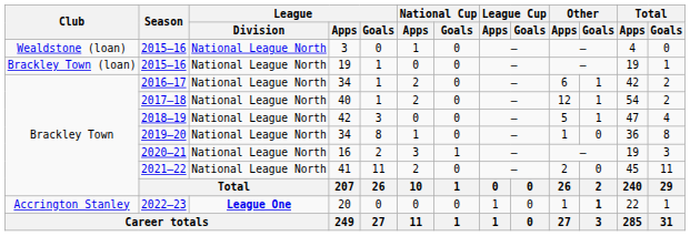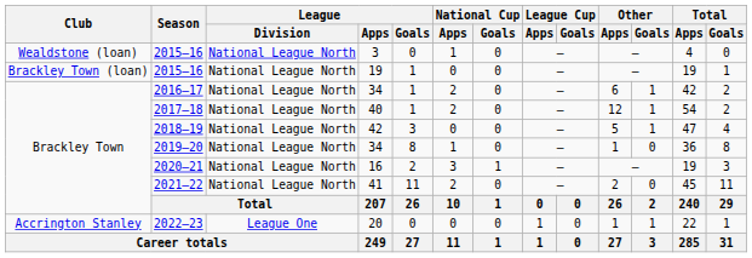 <table class="wikitable" style="text-align:center">
 <tr>
 <th rowspan="2">Club</th>
 <th rowspan="2">Season</th>
 <th colspan="3">League</th>
 <th colspan="2">National Cup</th>
 <th colspan="2">League Cup</th>
 <th colspan="2">Other</th>
 <th colspan="2">Total</th>
 </tr>
 <tr>
 <th>Division</th>
 <th>Apps</th>
 <th>Goals</th>
 <th>Apps</th>
 <th>Goals</th>
 <th>Apps</th>
 <th>Goals</th>
 <th>Apps</th>
 <th>Goals</th>
 <th>Apps</th>
 <th>Goals</th>
 </tr>
 <tr>
 <td><a href='#'>Wealdstone</a> (loan)</td>
 <td><a href='#'>2015–16</a></td>
 <td><a href='#'>National League North</a></td>
 <td>3</td>
 <td>0</td>
 <td>1</td>
 <td>0</td>
 <td colspan="2">—</td>
 <td colspan="2">—</td>
 <td>4</td>
 <td>0</td>
 </tr>
 <tr>
 <td><a href='#'>Brackley Town</a> (loan)</td>
 <td><a href='#'>2015–16</a></td>
 <td>National League North</td>
 <td>19</td>
 <td>1</td>
 <td>0</td>
 <td>0</td>
 <td colspan="2">—</td>
 <td colspan="2">—</td>
 <td>19</td>
 <td>1</td>
 </tr>
 <tr>
 <td rowspan="7">Brackley Town</td>
 <td><a href='#'>2016–17</a></td>
 <td>National League North</td>
 <td>34</td>
 <td>1</td>
 <td>2</td>
 <td>0</td>
 <td colspan="2">—</td>
 <td>6</td>
 <td>1</td>
 <td>42</td>
 <td>2</td>
 </tr>
 <tr>
 <td><a href='#'>2017–18</a></td>
 <td>National League North</td>
 <td>40</td>
 <td>1</td>
 <td>2</td>
 <td>0</td>
 <td colspan="2">—</td>
 <td>12</td>
 <td>1</td>
 <td>54</td>
 <td>2</td>
 </tr>
 <tr>
 <td><a href='#'>2018–19</a></td>
 <td>National League North</td>
 <td>42</td>
 <td>3</td>
 <td>0</td>
 <td>0</td>
 <td colspan="2">—</td>
 <td>5</td>
 <td>1</td>
 <td>47</td>
 <td>4</td>
 </tr>
 <tr>
 <td><a href='#'>2019–20</a></td>
 <td>National League North</td>
 <td>34</td>
 <td>8</td>
 <td>1</td>
 <td>0</td>
 <td colspan="2">—</td>
 <td>1</td>
 <td>0</td>
 <td>36</td>
 <td>8</td>
 </tr>
 <tr>
 <td><a href='#'>2020–21</a></td>
 <td>National League North</td>
 <td>16</td>
 <td>2</td>
 <td>3</td>
 <td>1</td>
 <td colspan="2">—</td>
 <td colspan="2">—</td>
 <td>19</td>
 <td>3</td>
 </tr>
 <tr>
 <td><a href='#'>2021–22</a></td>
 <td>National League North</td>
 <td>41</td>
 <td>11</td>
 <td>2</td>
 <td>0</td>
 <td colspan="2">—</td>
 <td>2</td>
 <td>0</td>
 <td>45</td>
 <td>11</td>
 </tr>
 <tr>
 <th colspan="2">Total</th>
 <th>207</th>
 <th>26</th>
 <th>10</th>
 <th>1</th>
 <th>0</th>
 <th>0</th>
 <th>26</th>
 <th>2</th>
 <th>240</th>
 <th>29</th>
 </tr>
 <tr>
 <td><a href='#'>Accrington Stanley</a></td>
 <td><a href='#'>2022–23</a></td>
-<td><strong><a href='#'>League One</a></strong></td>
+<td><a href='#'>League One</a></td>
 <td>20</td>
 <td>0</td>
 <td>0</td>
 <td>0</td>
 <td>1</td>
 <td>0</td>
 <td>1</td>
-<td><strong>1</strong></td>
+<td>1</td>
 <td>22</td>
 <td>1</td>
 </tr>
 <tr>
 <th colspan="3">Career totals</th>
 <th>249</th>
 <th>27</th>
 <th>11</th>
 <th>1</th>
 <th>1</th>
 <th>0</th>
 <th>27</th>
 <th>3</th>
 <th>285</th>
 <th>31</th>
 </tr>
 </table>
